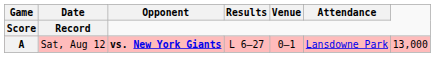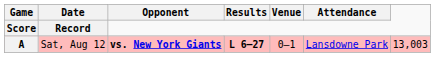 <table class="wikitable" style="text-align:center">
 <tr>
 <th>Game</th>
 <th>Date</th>
 <th>Opponent</th>
 <th>Results</th>
 <th>Venue</th>
 <th>Attendance</th>
 </tr>
 <tr>
 <th>Score</th>
 <th>Record</th>
 </tr>
 <tr style="background:#ffbbbb">
 <th>A</th>
 <td>Sat, Aug 12</td>
 <td><strong>vs. <a href='#'>New York Giants</a></strong></td>
-<td>L 6–27</td>
+<td><strong>L 6–27</strong></td>
 <td>0–1</td>
 <td><a href='#'>Lansdowne Park</a></td>
-<td>13,000</td>
+<td>13,003</td>
 </tr>
 </table>
